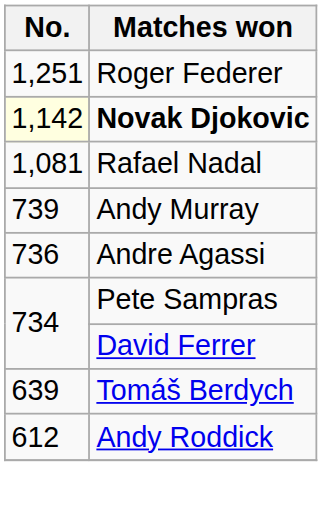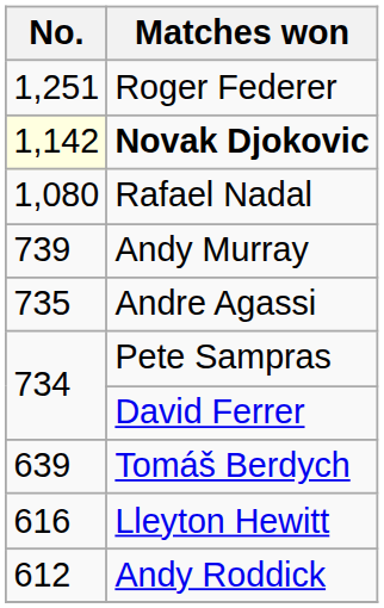 <table class="wikitable" style="display: inline-table;">
 <tr>
 <th>No.</th>
 <th>Matches won</th>
 </tr>
 <tr>
 <td>1,251</td>
 <td> Roger Federer</td>
 </tr>
 <tr>
 <td style="background: lightyellow;">1,142</td>
 <td> <strong>Novak Djokovic</strong></td>
 </tr>
 <tr>
-<td>1,081</td>
+<td>1,080</td>
 <td> Rafael Nadal</td>
 </tr>
 <tr>
 <td>739</td>
 <td> Andy Murray</td>
 </tr>
 <tr>
-<td>736</td>
+<td>735</td>
 <td> Andre Agassi </td>
 </tr>
 <tr>
 <td rowspan="2">734</td>
 <td> Pete Sampras </td>
 </tr>
 <tr>
 <td> <a href='#'>David Ferrer</a></td>
 </tr>
 <tr>
 <td>639</td>
 <td> <a href='#'>Tomáš Berdych</a></td>
 </tr>
 <tr>
+<td>616</td>
+<td> <a href='#'>Lleyton Hewitt</a></td>
+</tr>
+<tr>
 <td>612</td>
 <td> <a href='#'>Andy Roddick</a></td>
 </tr>
 <tr>
 </tr>
 </table>
